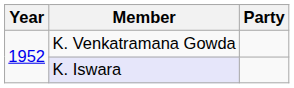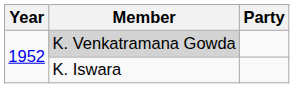 <table class="wikitable sortable">
 <tr>
 <th>Year</th>
 <th>Member</th>
 <th colspan="2">Party</th>
 </tr>
 <tr>
 <td rowspan="2"><a href='#'>1952</a></td>
-<td>K. Venkatramana Gowda</td>
+<td style="background: lightgrey;">K. Venkatramana Gowda</td>
 <td></td>
 </tr>
 <tr>
-<td style="background: lavender;">K. Iswara</td>
+<td>K. Iswara</td>
 </tr>
 </table>
